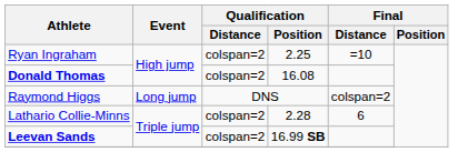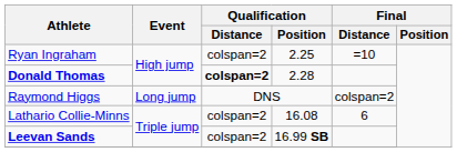 <table class=wikitable style="font-size:90%">
 <tr>
 <th rowspan="2">Athlete</th>
 <th rowspan="2">Event</th>
 <th colspan="2">Qualification</th>
 <th colspan="2">Final</th>
 </tr>
 <tr style="font-size:95%">
 <th>Distance</th>
 <th>Position</th>
 <th>Distance</th>
 <th>Position</th>
 </tr>
 <tr align=center>
 <td align=left><a href='#'>Ryan Ingraham</a></td>
 <td align=left rowspan=2><a href='#'>High jump</a></td>
 <td>colspan=2 </td>
 <td>2.25</td>
 <td>=10</td>
 </tr>
 <tr align=center>
 <td align=left><strong><a href='#'>Donald Thomas</a></strong></td>
-<td>colspan=2 </td>
-<td>16.08</td>
+<td><strong>colspan=2 </strong></td>
+<td>2.28</td>
 <td></td>
 </tr>
 <tr align=center>
 <td align=left><a href='#'>Raymond Higgs</a></td>
 <td align=left rowspan=1><a href='#'>Long jump</a></td>
 <td colspan="2">DNS</td>
 <td>colspan=2 </td>
 </tr>
 <tr align=center>
 <td align=left><a href='#'>Lathario Collie-Minns</a></td>
 <td align=left rowspan=2><a href='#'>Triple jump</a></td>
 <td>colspan=2 </td>
-<td>2.28</td>
+<td>16.08</td>
 <td>6</td>
 </tr>
 <tr align=center>
 <td align=left><strong><a href='#'>Leevan Sands</a></strong></td>
 <td>colspan=2 </td>
 <td>16.99 <strong>SB</strong></td>
 <td></td>
 </tr>
 <tr align=center>
 </tr>
 </table>
